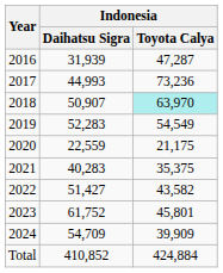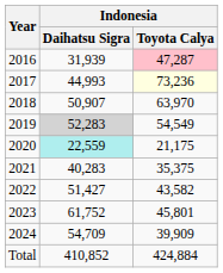 <table class=wikitable style="text-align: center;">
 <tr>
 <th rowspan="2">Year</th>
 <th colspan="2">Indonesia</th>
 </tr>
 <tr>
 <th>Daihatsu Sigra</th>
 <th>Toyota Calya</th>
 </tr>
 <tr>
 <td>2016</td>
 <td>31,939</td>
-<td>47,287</td>
+<td style="background: pink;">47,287</td>
 </tr>
 <tr>
 <td>2017</td>
 <td>44,993</td>
-<td>73,236</td>
+<td style="background: lightyellow;">73,236</td>
 </tr>
 <tr>
 <td>2018</td>
 <td>50,907</td>
-<td style="background: paleturquoise;">63,970</td>
+<td>63,970</td>
 </tr>
 <tr>
 <td>2019</td>
-<td>52,283</td>
+<td style="background: lightgrey;">52,283</td>
 <td>54,549</td>
 </tr>
 <tr>
 <td>2020</td>
-<td>22,559</td>
+<td style="background: paleturquoise;">22,559</td>
 <td>21,175</td>
 </tr>
 <tr>
 <td>2021</td>
 <td>40,283</td>
 <td>35,375</td>
 </tr>
 <tr>
 <td>2022</td>
 <td>51,427</td>
 <td>43,582</td>
 </tr>
 <tr>
 <td>2023</td>
 <td>61,752</td>
 <td>45,801</td>
 </tr>
 <tr>
 <td>2024</td>
 <td>54,709</td>
 <td>39,909</td>
 </tr>
 <tr>
 <td>Total</td>
 <td>410,852</td>
 <td>424,884</td>
 </tr>
 </table>
